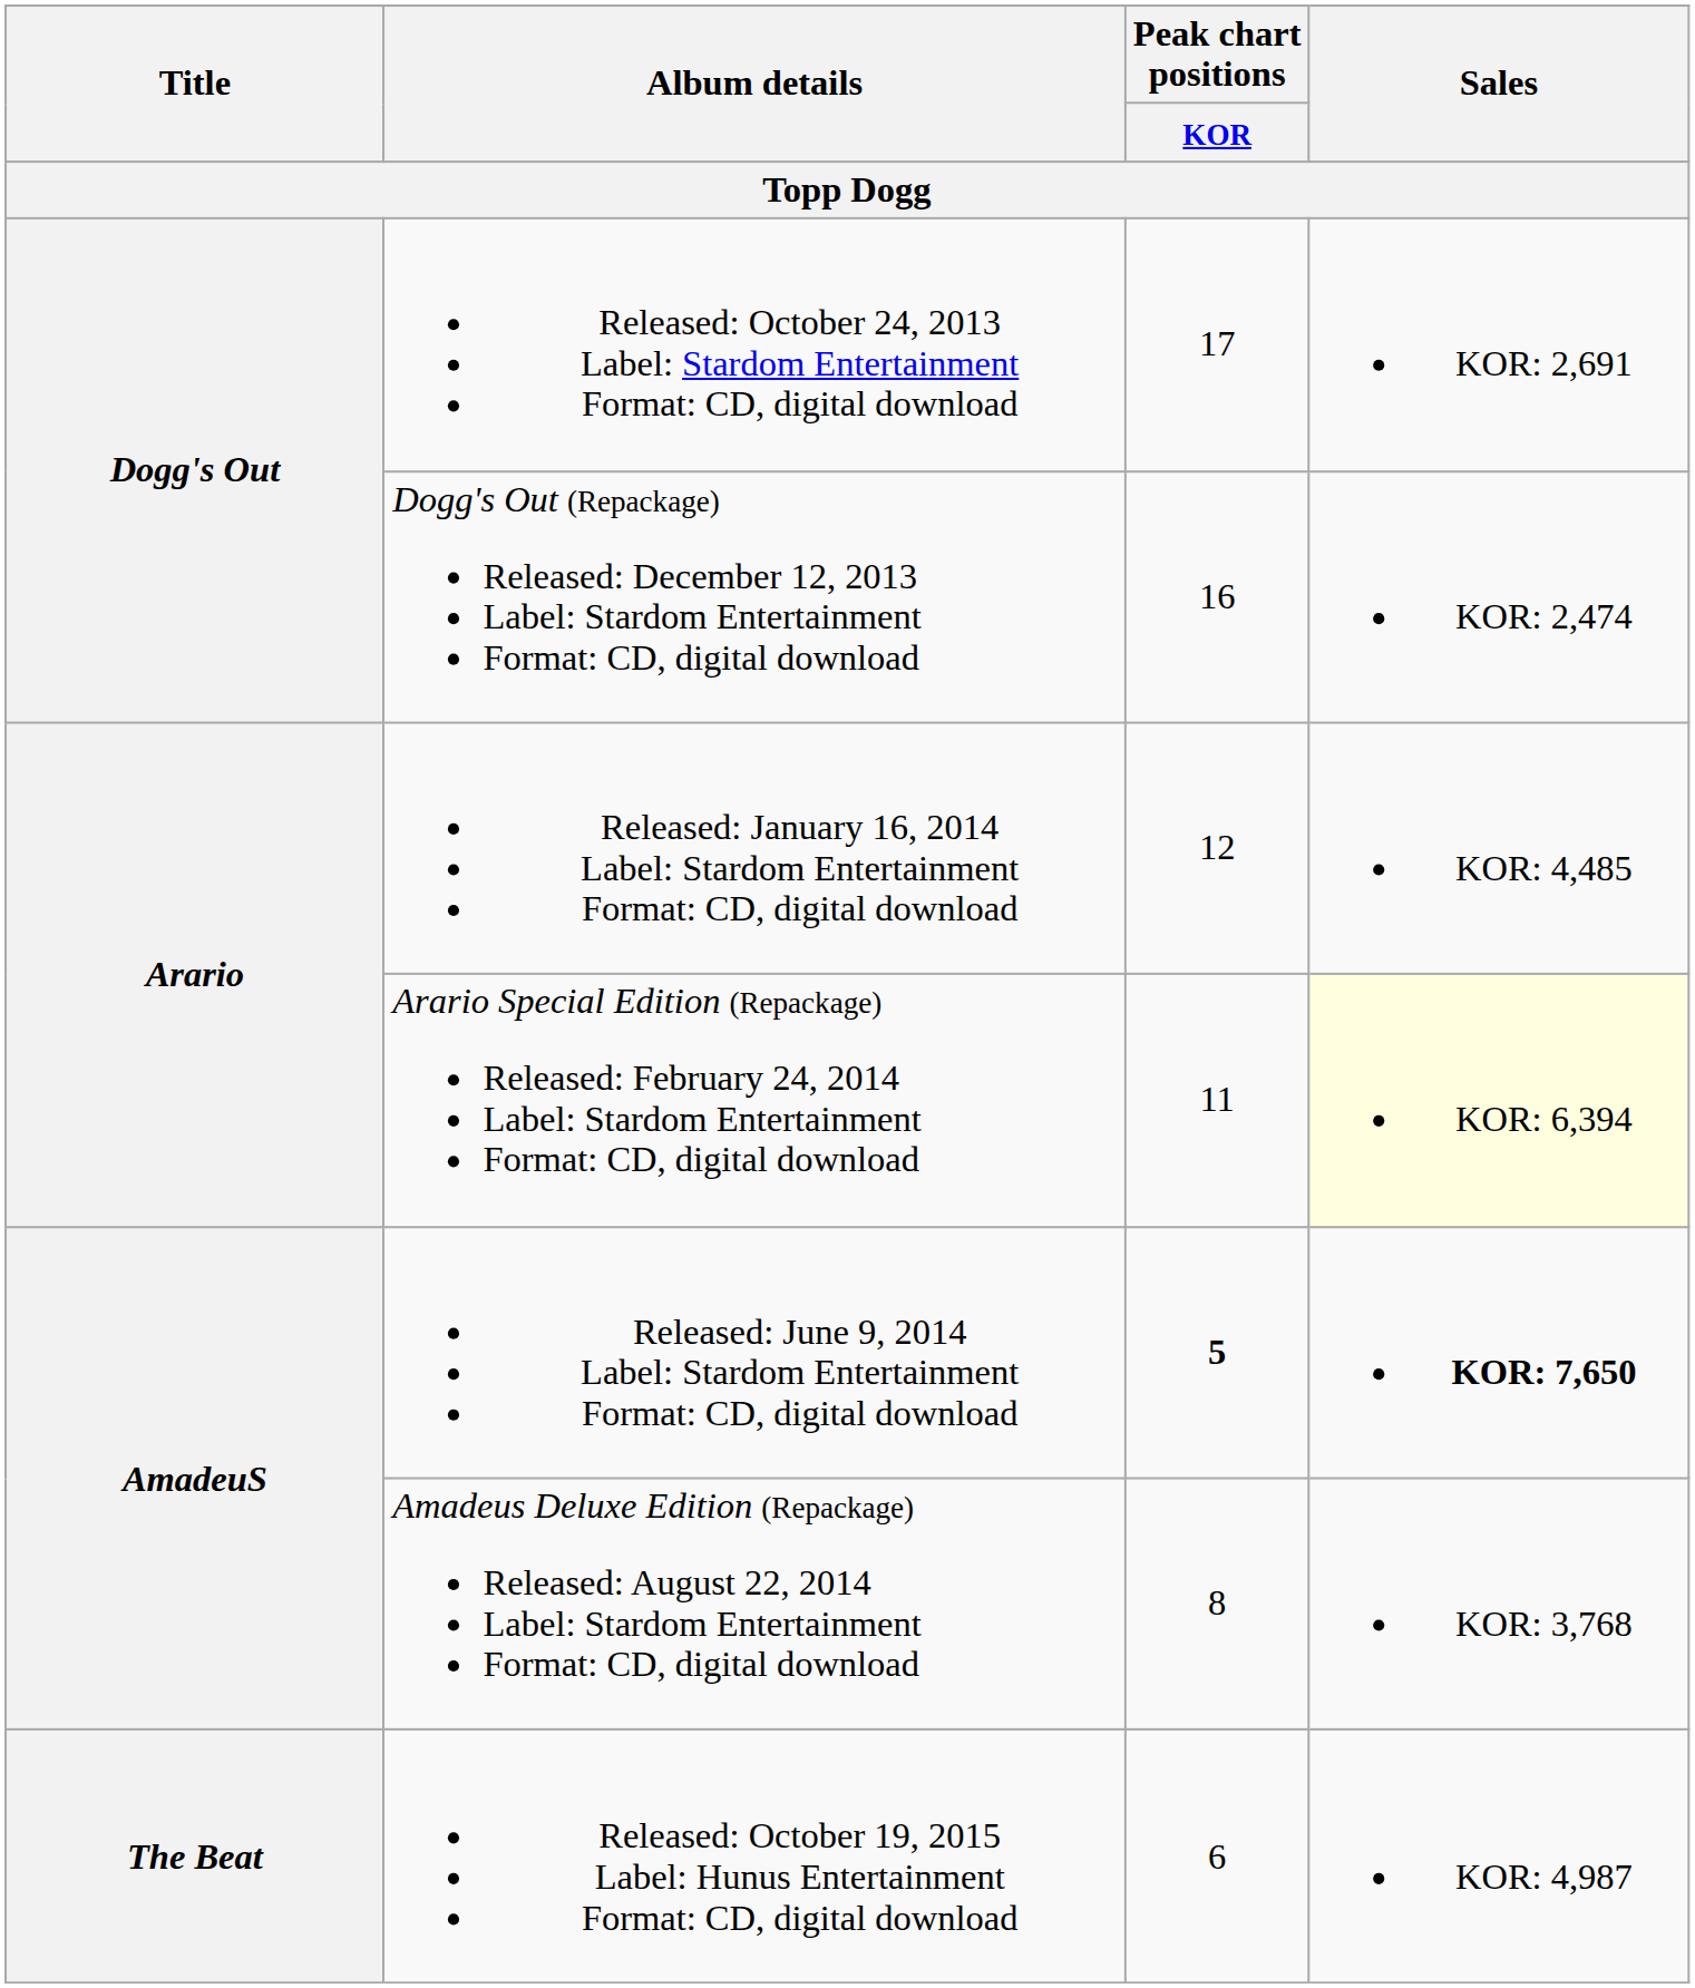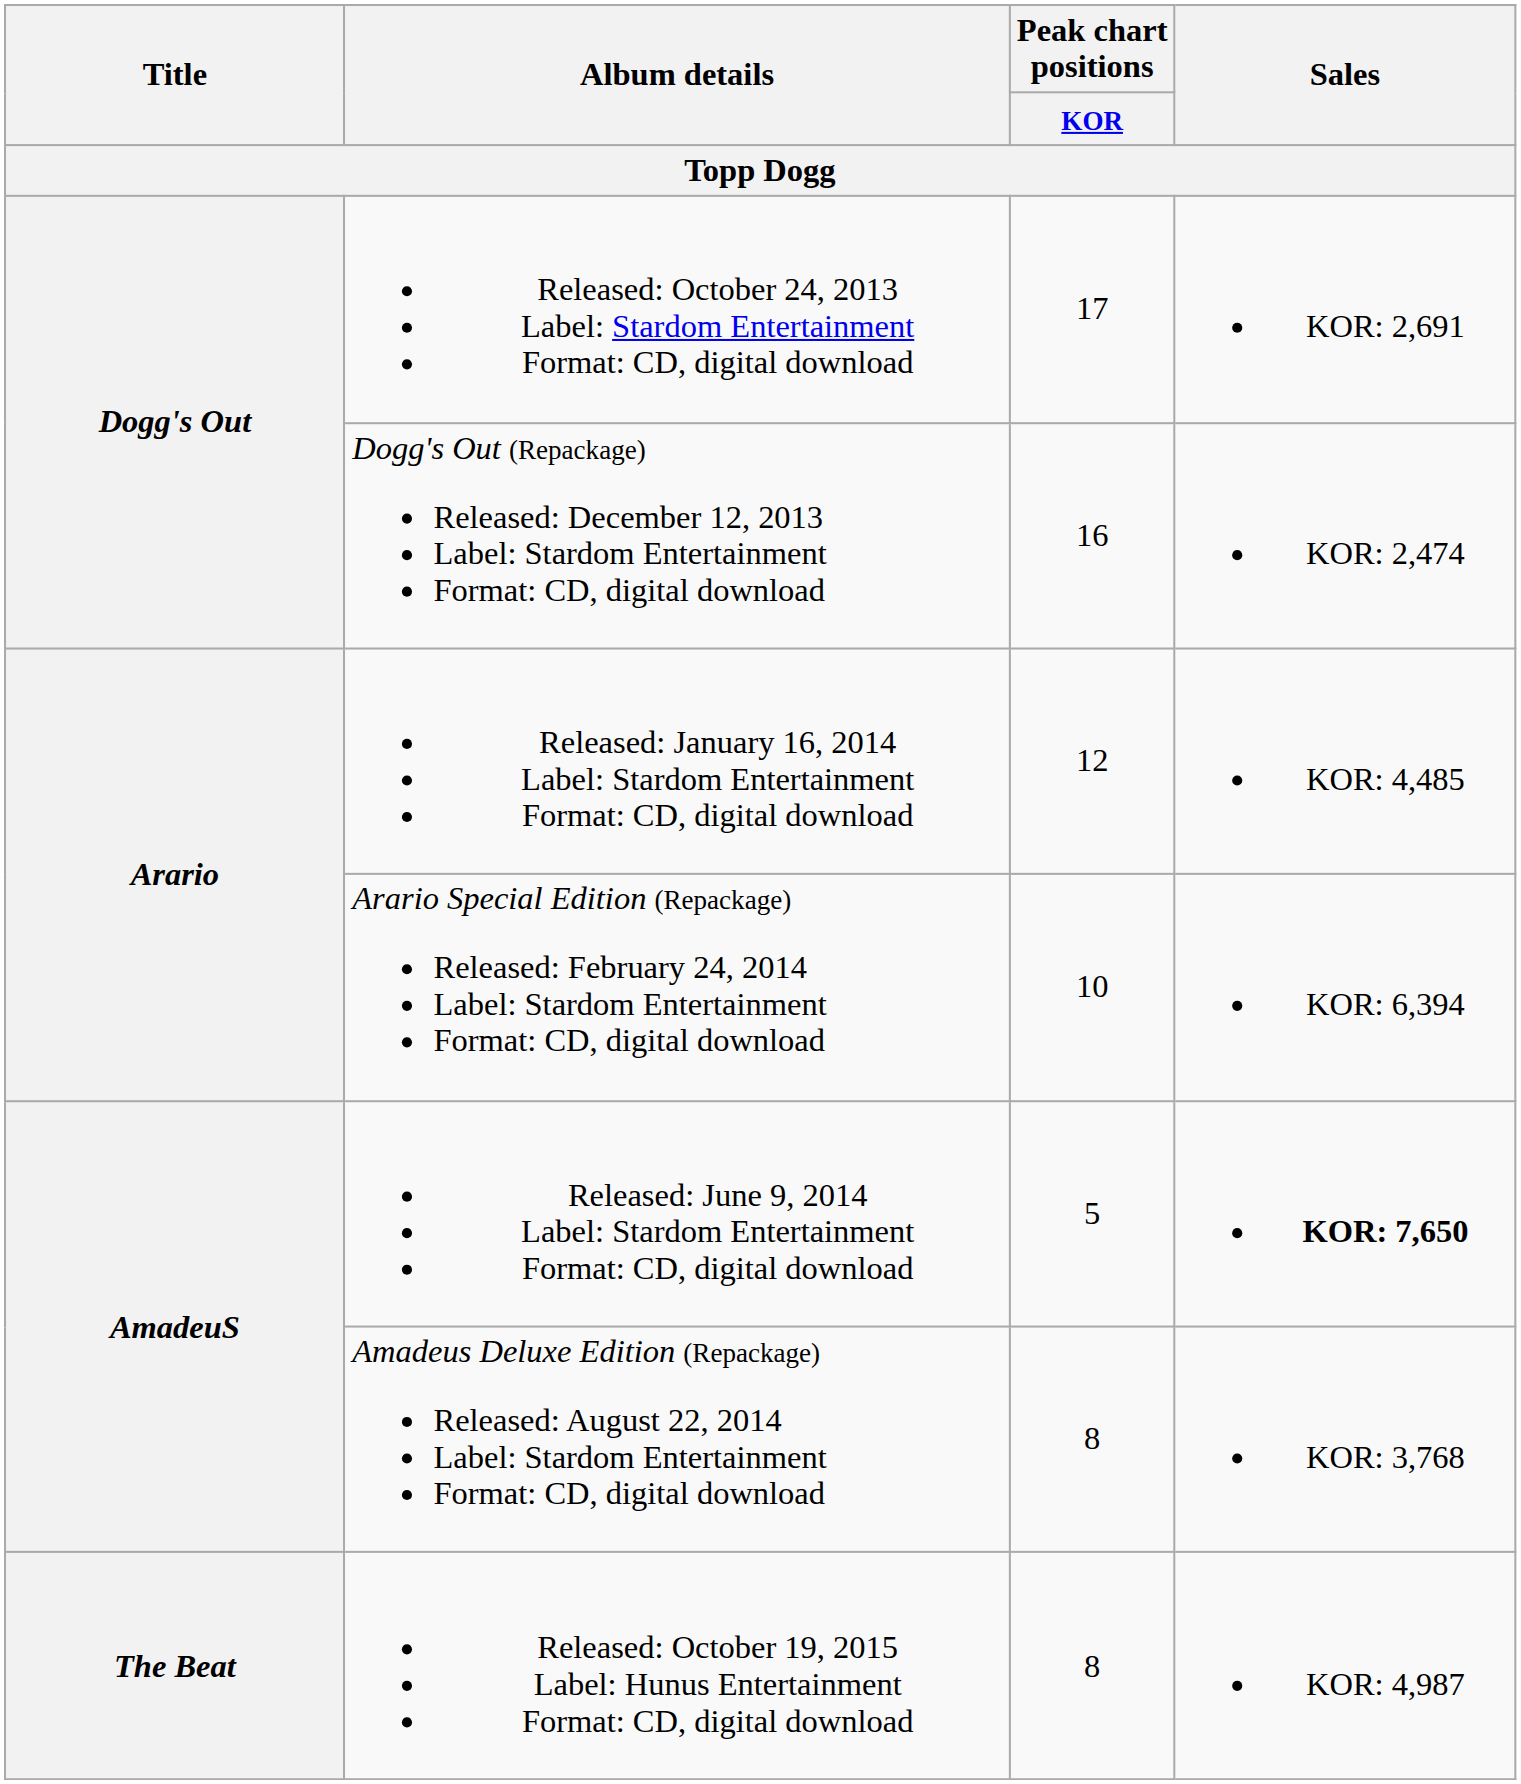 <table class="wikitable plainrowheaders" style="text-align:center;">
 <tr>
 <th rowspan="2" style="width:10em;">Title</th>
 <th rowspan="2" style="width:20em;">Album details</th>
 <th>Peak chart <br> positions</th>
 <th rowspan="2" style="width:10em;">Sales</th>
 </tr>
 <tr>
 <th><small><a href='#'>KOR</a></small><br></th>
 </tr>
 <tr>
 <th colspan="5">Topp Dogg</th>
 </tr>
 <tr>
 <th scope="row" rowspan="2"><em>Dogg's Out</em></th>
 <td><br><ul><li>Released: October 24, 2013</li><li>Label: <a href='#'>Stardom Entertainment</a></li><li>Format: CD, digital download</li></ul></td>
 <td>17</td>
 <td><br><ul><li>KOR: 2,691</li></ul></td>
 </tr>
 <tr>
 <td style="text-align:left;"><em>Dogg's Out</em> <small>(Repackage)</small><br><ul><li>Released: December 12, 2013</li><li>Label: Stardom Entertainment</li><li>Format: CD, digital download</li></ul></td>
 <td>16</td>
 <td><br><ul><li>KOR: 2,474</li></ul></td>
 </tr>
 <tr>
 <th scope="row" rowspan="2"><em>Arario</em></th>
 <td><br><ul><li>Released: January 16, 2014</li><li>Label: Stardom Entertainment</li><li>Format: CD, digital download</li></ul></td>
 <td>12</td>
 <td><br><ul><li>KOR: 4,485</li></ul></td>
 </tr>
 <tr>
 <td style="text-align:left;"><em>Arario Special Edition</em> <small>(Repackage)</small><br><ul><li>Released: February 24, 2014</li><li>Label: Stardom Entertainment</li><li>Format: CD, digital download</li></ul></td>
-<td>11</td>
-<td style="background: lightyellow;"><br><ul><li>KOR: 6,394</li></ul></td>
+<td>10</td>
+<td><br><ul><li>KOR: 6,394</li></ul></td>
 </tr>
 <tr>
 <th scope="row" rowspan="2"><em>AmadeuS</em></th>
 <td><br><ul><li>Released: June 9, 2014</li><li>Label: Stardom Entertainment</li><li>Format: CD, digital download</li></ul></td>
-<td><strong>5</strong></td>
+<td>5</td>
 <td><strong><br><ul><li>KOR: 7,650</li></ul></strong></td>
 </tr>
 <tr>
 <td style="text-align:left;"><em>Amadeus Deluxe Edition</em> <small>(Repackage)</small><br><ul><li>Released: August 22, 2014</li><li>Label: Stardom Entertainment</li><li>Format: CD, digital download</li></ul></td>
 <td>8</td>
 <td><br><ul><li>KOR: 3,768</li></ul></td>
 </tr>
 <tr>
 <th scope="row"><em>The Beat</em></th>
 <td><br><ul><li>Released: October 19, 2015</li><li>Label: Hunus Entertainment</li><li>Format: CD, digital download</li></ul></td>
-<td>6</td>
+<td>8</td>
 <td><br><ul><li>KOR: 4,987</li></ul></td>
 </tr>
 </table>
